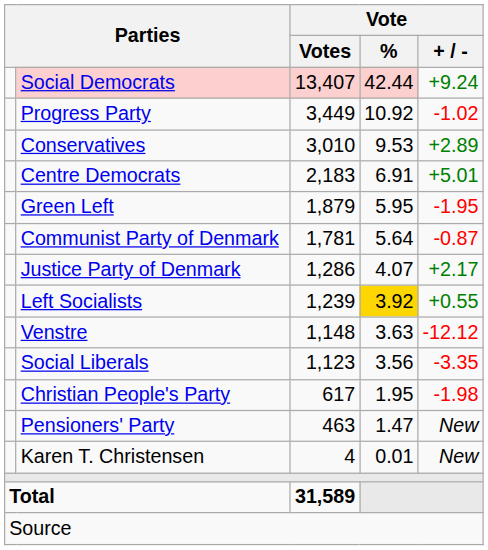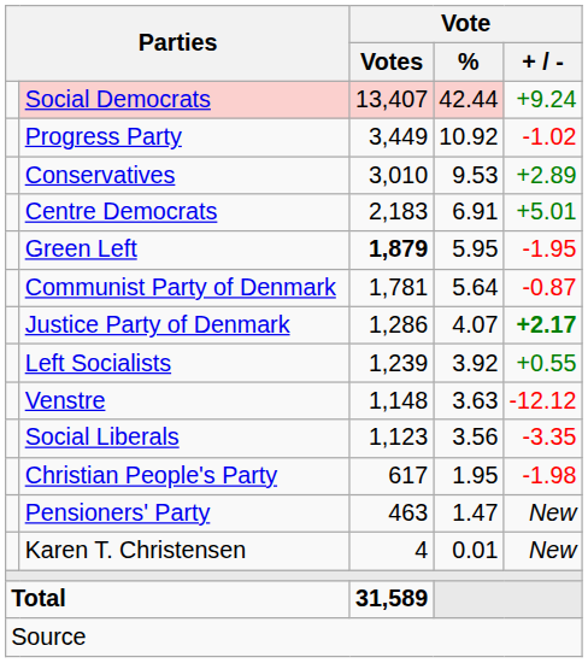 <table class="wikitable" style="text-align:right;">
 <tr>
 <th style="text-align:centre;" rowspan="2" colspan="2" width="225">Parties</th>
 <th colspan="3">Vote</th>
 </tr>
 <tr>
 <th width="15">Votes</th>
 <th width="15">%</th>
 <th width="15">+ / -</th>
 </tr>
 <tr>
 <td width="2" style="color:inherit;background:"></td>
 <td bgcolor=#fbd0ce  align="left"><a href='#'>Social Democrats</a></td>
 <td bgcolor=#fbd0ce>13,407</td>
 <td bgcolor=#fbd0ce>42.44</td>
 <td style=color:green;>+9.24</td>
 </tr>
 <tr>
 <td width="2" style="color:inherit;background:"></td>
 <td align="left"><a href='#'>Progress Party</a></td>
 <td>3,449</td>
 <td>10.92</td>
 <td style=color:red;>-1.02</td>
 </tr>
 <tr>
 <td width="2" style="color:inherit;background:"></td>
 <td align="left"><a href='#'>Conservatives</a></td>
 <td>3,010</td>
 <td>9.53</td>
 <td style=color:green;>+2.89</td>
 </tr>
 <tr>
 <td width="2" style="color:inherit;background:"></td>
 <td align="left"><a href='#'>Centre Democrats</a></td>
 <td>2,183</td>
 <td>6.91</td>
 <td style=color:green;>+5.01</td>
 </tr>
 <tr>
 <td width="2" style="color:inherit;background:"></td>
 <td align="left"><a href='#'>Green Left</a></td>
-<td>1,879</td>
+<td><strong>1,879</strong></td>
 <td>5.95</td>
 <td style=color:red;>-1.95</td>
 </tr>
 <tr>
 <td width="2" style="color:inherit;background:"></td>
 <td align="left"><a href='#'>Communist Party of Denmark</a></td>
 <td>1,781</td>
 <td>5.64</td>
 <td style=color:red;>-0.87</td>
 </tr>
 <tr>
 <td width="2" style="color:inherit;background:"></td>
 <td align="left"><a href='#'>Justice Party of Denmark</a></td>
 <td>1,286</td>
 <td>4.07</td>
-<td style=color:green;>+2.17</td>
+<td style=color:green;><strong>+2.17</strong></td>
 </tr>
 <tr>
 <td width="2" style="color:inherit;background:"></td>
 <td align="left"><a href='#'>Left Socialists</a></td>
 <td>1,239</td>
-<td style="background: gold;">3.92</td>
+<td>3.92</td>
 <td style=color:green;>+0.55</td>
 </tr>
 <tr>
 <td width="2" style="color:inherit;background:"></td>
 <td align="left"><a href='#'>Venstre</a></td>
 <td>1,148</td>
 <td>3.63</td>
 <td style=color:red;>-12.12</td>
 </tr>
 <tr>
 <td width="2" style="color:inherit;background:"></td>
 <td align="left"><a href='#'>Social Liberals</a></td>
 <td>1,123</td>
 <td>3.56</td>
 <td style=color:red;>-3.35</td>
 </tr>
 <tr>
 <td width="2" style="color:inherit;background:"></td>
 <td align="left"><a href='#'>Christian People's Party</a></td>
 <td>617</td>
 <td>1.95</td>
 <td style=color:red;>-1.98</td>
 </tr>
 <tr>
 <td width="2" style="color:inherit;background:"></td>
 <td align="left"><a href='#'>Pensioners' Party</a></td>
 <td>463</td>
 <td>1.47</td>
 <td><em>New</em></td>
 </tr>
 <tr>
 <td width="2" style="color:inherit;background:"></td>
 <td align="left">Karen T. Christensen</td>
 <td>4</td>
 <td>0.01</td>
 <td><em>New</em></td>
 </tr>
 <tr>
 <td colspan="7" bgcolor="#E9E9E9"></td>
 </tr>
 <tr>
 <td align="left" colspan="2"><strong>Total</strong></td>
 <td><strong>31,589</strong></td>
 <td bgcolor="#E9E9E9" colspan="2"></td>
 </tr>
 <tr>
 <td align="left" colspan="6">Source</td>
 </tr>
 </table>
